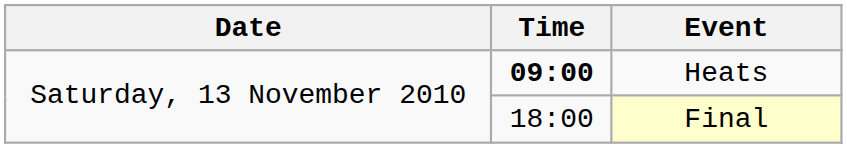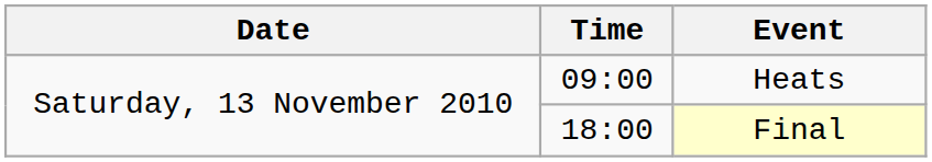 <table class = "wikitable" style="text-align:center;">
 <tr>
 <th width=220>Date</th>
 <th width=50>Time</th>
 <th width=100>Event</th>
 </tr>
 <tr>
 <td rowspan=2>Saturday, 13 November 2010</td>
-<td><strong>09:00</strong></td>
+<td>09:00</td>
 <td>Heats</td>
 </tr>
 <tr>
 <td>18:00</td>
 <td bgcolor=ffffcc>Final</td>
 </tr>
 </table>
